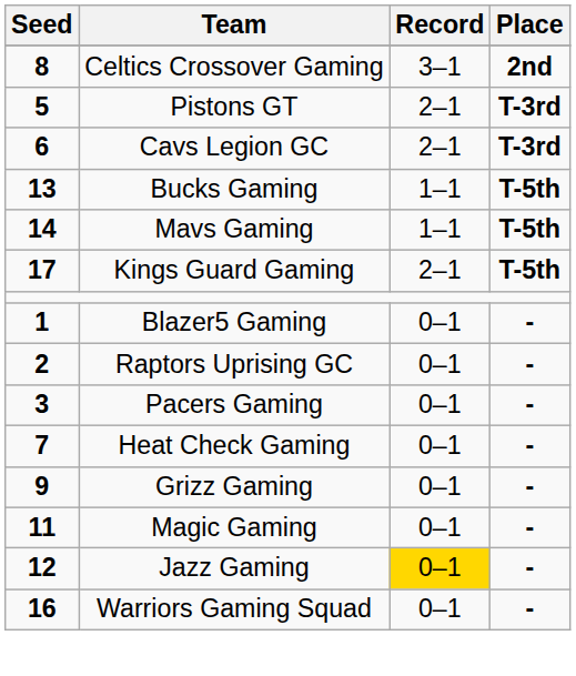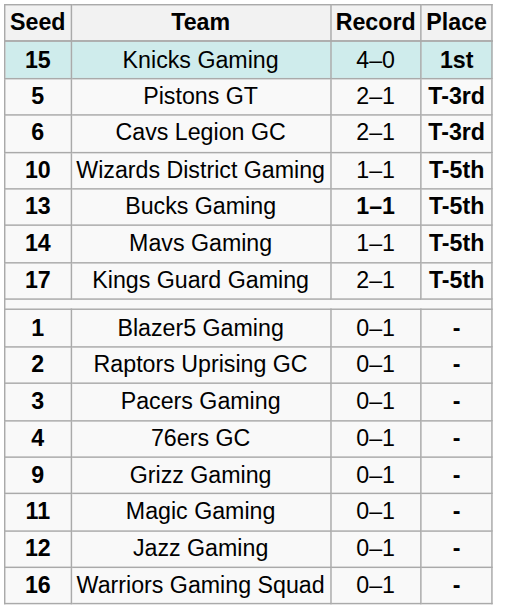 <table class="wikitable notsortable" style="text-align:center; font-size:100%">
 <tr>
 <th>Seed</th>
 <th>Team</th>
 <th>Record</th>
 <th>Place</th>
 </tr>
 <tr>
 </tr>
-<tr>
-<td style="text-align:center"><strong>8</strong></td>
-<td>Celtics Crossover Gaming</td>
-<td>3–1</td>
-<td><strong>2nd</strong></td>
+<tr style="background:#CFECEC">
+<td style="text-align:center"><strong>15</strong></td>
+<td>Knicks Gaming</td>
+<td>4–0</td>
+<td><strong>1st</strong></td>
 </tr>
 <tr>
 <td style="text-align:center"><strong>5</strong></td>
 <td>Pistons GT</td>
 <td>2–1</td>
 <td><strong>T-3rd</strong></td>
 </tr>
 <tr>
 <td style="text-align:center"><strong>6</strong></td>
 <td>Cavs Legion GC</td>
 <td>2–1</td>
 <td><strong>T-3rd</strong></td>
 </tr>
 <tr>
+<td style="text-align:center"><strong>10</strong></td>
+<td>Wizards District Gaming</td>
+<td>1–1</td>
+<td><strong>T-5th</strong></td>
+</tr>
+<tr>
 <td style="text-align:center"><strong>13</strong></td>
 <td>Bucks Gaming</td>
-<td>1–1</td>
+<td><strong>1–1</strong></td>
 <td><strong>T-5th</strong></td>
 </tr>
 <tr>
 <td style="text-align:center"><strong>14</strong></td>
 <td>Mavs Gaming</td>
 <td>1–1</td>
 <td><strong>T-5th</strong></td>
 </tr>
 <tr>
 <td style="text-align:center"><strong>17</strong></td>
 <td>Kings Guard Gaming</td>
 <td>2–1</td>
 <td><strong>T-5th</strong></td>
 </tr>
 <tr>
 <td colspan=4></td>
 </tr>
 <tr>
 <td style="text-align:center"><strong>1</strong></td>
 <td>Blazer5 Gaming</td>
 <td>0–1</td>
 <td><strong>-</strong></td>
 </tr>
 <tr>
 <td style="text-align:center"><strong>2</strong></td>
 <td>Raptors Uprising GC</td>
 <td>0–1</td>
 <td><strong>-</strong></td>
 </tr>
 <tr>
 <td style="text-align:center"><strong>3</strong></td>
 <td>Pacers Gaming</td>
 <td>0–1</td>
 <td><strong>-</strong></td>
 </tr>
 <tr>
-<td style="text-align:center"><strong>7</strong></td>
-<td>Heat Check Gaming</td>
+<td style="text-align:center"><strong>4</strong></td>
+<td>76ers GC</td>
 <td>0–1</td>
 <td><strong>-</strong></td>
 </tr>
 <tr>
 <td style="text-align:center"><strong>9</strong></td>
 <td>Grizz Gaming</td>
 <td>0–1</td>
 <td><strong>-</strong></td>
 </tr>
 <tr>
 <td style="text-align:center"><strong>11</strong></td>
 <td>Magic Gaming</td>
 <td>0–1</td>
 <td><strong>-</strong></td>
 </tr>
 <tr>
 <td style="text-align:center"><strong>12</strong></td>
 <td>Jazz Gaming</td>
-<td style="background: gold;">0–1</td>
+<td>0–1</td>
 <td><strong>-</strong></td>
 </tr>
 <tr>
 <td style="text-align:center"><strong>16</strong></td>
 <td>Warriors Gaming Squad</td>
 <td>0–1</td>
 <td><strong>-</strong></td>
 </tr>
 </table>
